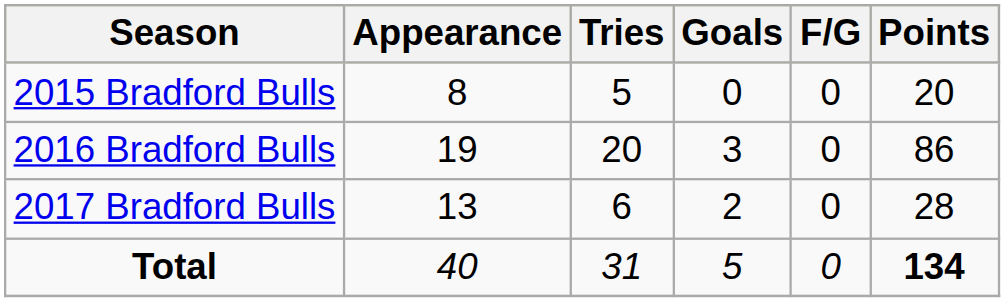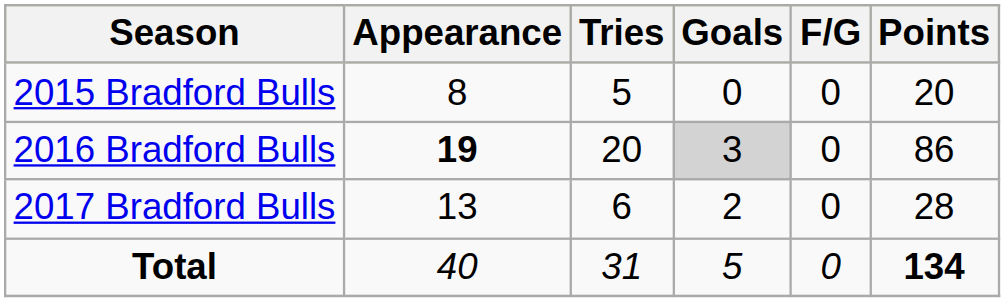 <table class="wikitable" style="text-align:center;">
 <tr bgcolor=#bdb76b>
 <th>Season</th>
 <th>Appearance</th>
 <th>Tries</th>
 <th>Goals</th>
 <th>F/G</th>
 <th>Points</th>
 </tr>
 <tr>
 <td><a href='#'>2015 Bradford Bulls</a></td>
 <td>8</td>
 <td>5</td>
 <td>0</td>
 <td>0</td>
 <td>20</td>
 </tr>
 <tr>
 <td><a href='#'>2016 Bradford Bulls</a></td>
-<td>19</td>
+<td><strong>19</strong></td>
 <td>20</td>
-<td>3</td>
+<td style="background: lightgrey;">3</td>
 <td>0</td>
 <td>86</td>
 </tr>
 <tr>
 <td><a href='#'>2017 Bradford Bulls</a></td>
 <td>13</td>
 <td>6</td>
 <td>2</td>
 <td>0</td>
 <td>28</td>
 </tr>
 <tr>
 <td><strong>Total</strong></td>
 <td><em>40</em></td>
 <td><em>31</em></td>
 <td><em>5</em></td>
 <td><em>0</em></td>
 <td><strong>134</strong></td>
 </tr>
 <tr>
 </tr>
 </table>
